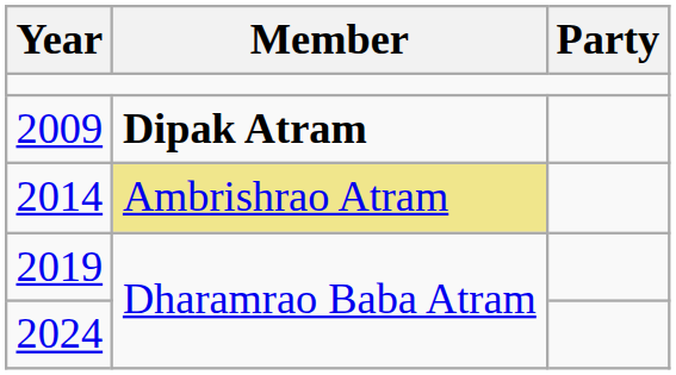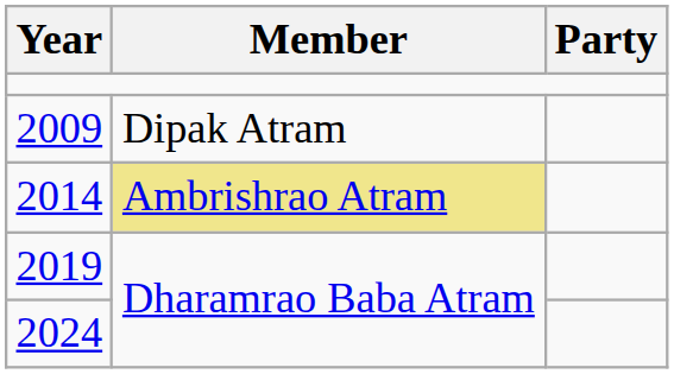 <table class="wikitable">
 <tr>
 <th>Year</th>
 <th>Member</th>
 <th colspan="2">Party</th>
 </tr>
 <tr>
 <td colspan="4"></td>
 </tr>
 <tr>
 <td><a href='#'>2009</a></td>
-<td><strong>Dipak Atram</strong></td>
+<td>Dipak Atram</td>
 <td></td>
 </tr>
 <tr>
 <td><a href='#'>2014</a></td>
 <td style="background: khaki;"><a href='#'>Ambrishrao Atram</a></td>
 <td></td>
 </tr>
 <tr>
 <td><a href='#'>2019</a></td>
 <td rowspan="2"><a href='#'>Dharamrao Baba Atram</a></td>
 <td></td>
 </tr>
 <tr>
 <td><a href='#'>2024</a></td>
 </tr>
 </table>
